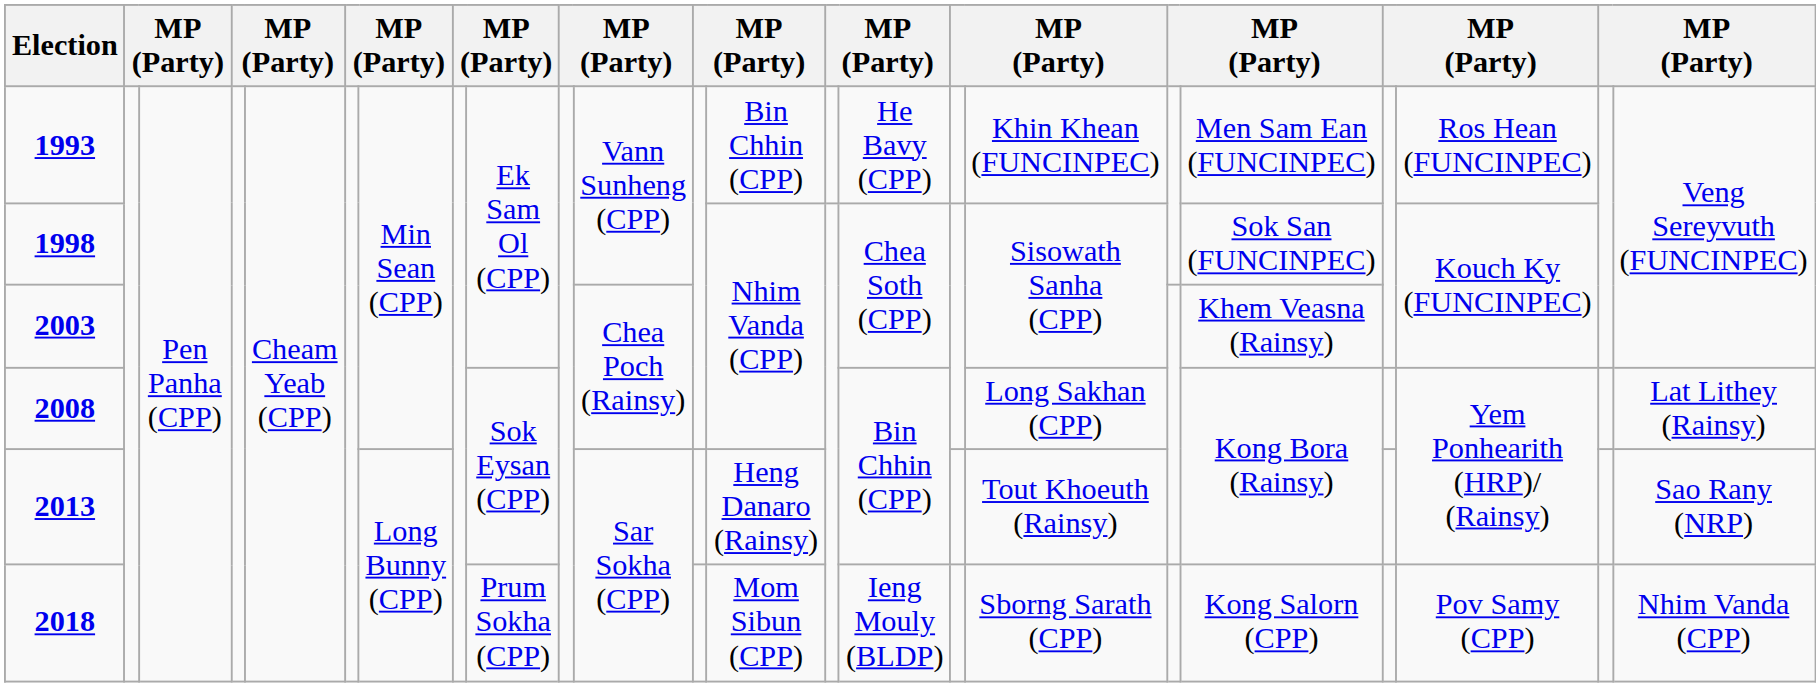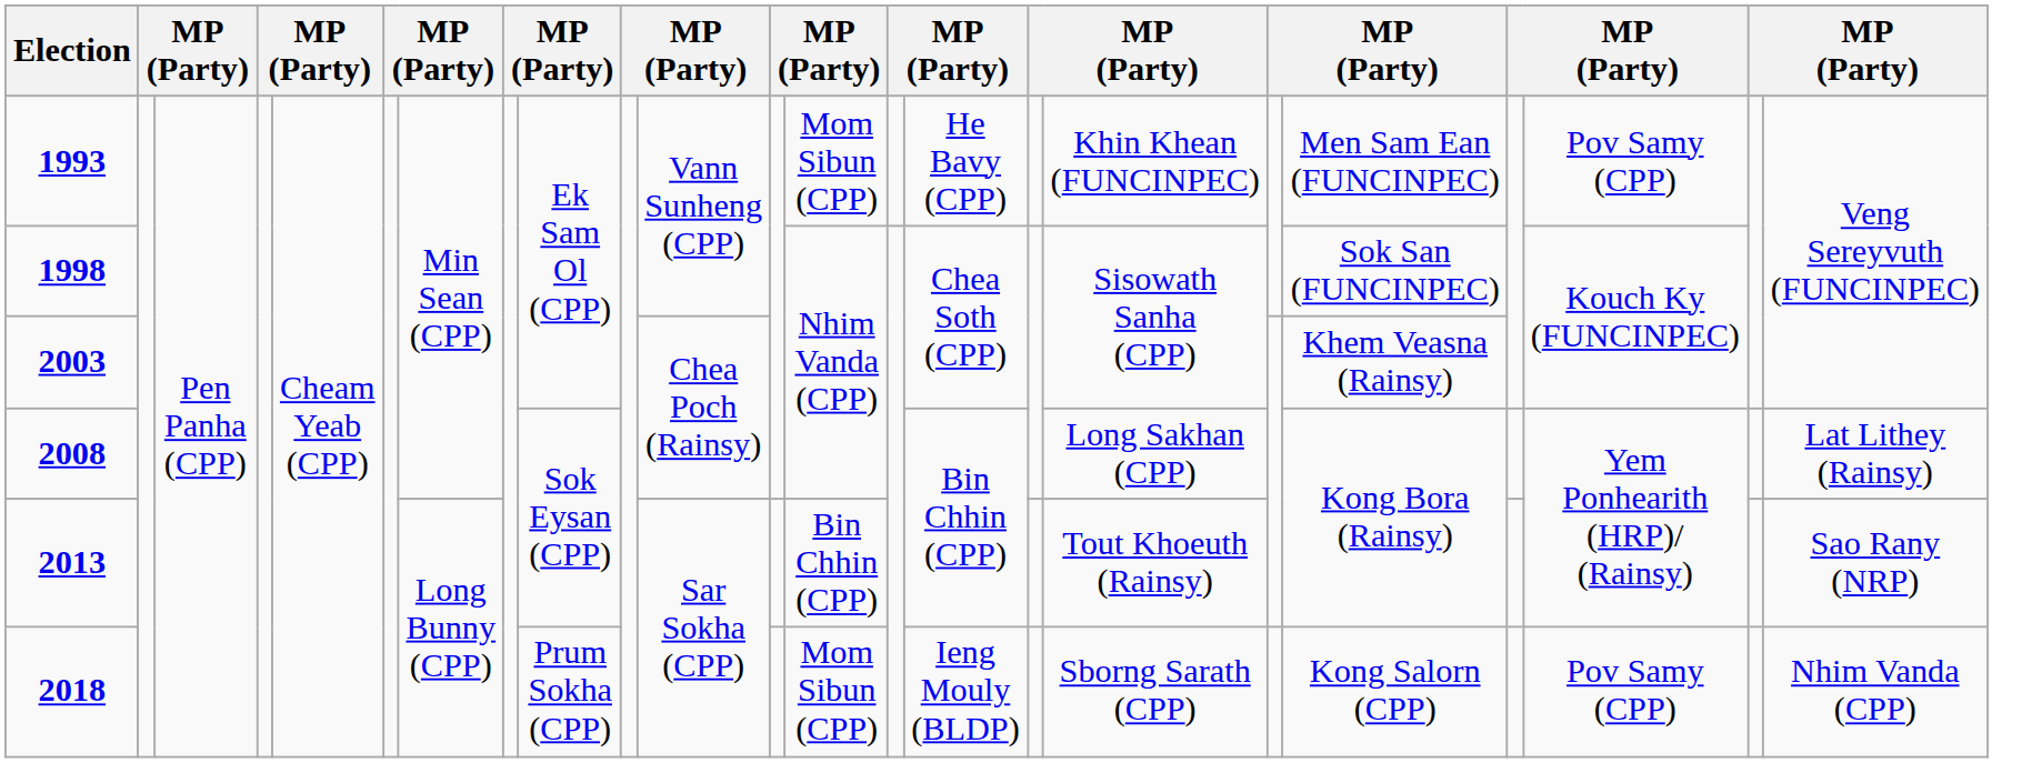 <table class="wikitable" style="text-align:center">
 <tr>
 <th>Election</th>
 <th colspan=2>MP<br>(Party)</th>
 <th colspan=2>MP<br>(Party)</th>
 <th colspan=2>MP<br>(Party)</th>
 <th colspan=2>MP<br>(Party)</th>
 <th colspan=2>MP<br>(Party)</th>
 <th colspan=2>MP<br>(Party)</th>
 <th colspan=2>MP<br>(Party)</th>
 <th colspan=2>MP<br>(Party)</th>
 <th colspan=2>MP<br>(Party)</th>
 <th colspan=2>MP<br>(Party)</th>
 <th colspan=2>MP<br>(Party)</th>
 </tr>
 <tr>
 <td><strong><a href='#'>1993</a></strong></td>
 <td rowspan=6; style="background-color: "></td>
 <td rowspan=6><a href='#'>Pen Panha</a><br>(<a href='#'>CPP</a>)</td>
 <td rowspan=6; style="background-color: "></td>
 <td rowspan=6><a href='#'>Cheam Yeab</a><br>(<a href='#'>CPP</a>)</td>
 <td rowspan=6; style="background-color: "></td>
 <td rowspan=4><a href='#'>Min Sean</a><br>(<a href='#'>CPP</a>)</td>
 <td rowspan=6; style="background-color: "></td>
 <td rowspan=3><a href='#'>Ek Sam Ol</a><br>(<a href='#'>CPP</a>)</td>
 <td rowspan=6; style="background-color: "></td>
 <td rowspan=2><a href='#'>Vann Sunheng</a><br>(<a href='#'>CPP</a>)</td>
 <td rowspan=4; style="background-color: "></td>
-<td rowspan=1><a href='#'>Bin Chhin</a><br>(<a href='#'>CPP</a>)</td>
+<td rowspan=1><a href='#'>Mom Sibun</a><br>(<a href='#'>CPP</a>)</td>
 <td rowspan=1; style="background-color: "></td>
 <td rowspan=1><a href='#'>He Bavy</a><br>(<a href='#'>CPP</a>)</td>
 <td rowspan=1; style="background-color: "></td>
 <td rowspan=1><a href='#'>Khin Khean</a><br>(<a href='#'>FUNCINPEC</a>)</td>
 <td rowspan=2; style="background-color: "></td>
 <td rowspan=1><a href='#'>Men Sam Ean</a><br>(<a href='#'>FUNCINPEC</a>)</td>
 <td rowspan=3; style="background-color: "></td>
-<td rowspan=1><a href='#'>Ros Hean</a><br>(<a href='#'>FUNCINPEC</a>)</td>
+<td rowspan=1><a href='#'>Pov Samy</a><br>(<a href='#'>CPP</a>)</td>
 <td rowspan=3; style="background-color: "></td>
 <td rowspan=3><a href='#'>Veng Sereyvuth</a><br>(<a href='#'>FUNCINPEC</a>)</td>
 </tr>
 <tr>
 <td><strong><a href='#'>1998</a></strong></td>
 <td rowspan=3><a href='#'>Nhim Vanda</a><br>(<a href='#'>CPP</a>)</td>
 <td rowspan=5; style="background-color: "></td>
 <td rowspan=2><a href='#'>Chea Soth</a><br>(<a href='#'>CPP</a>)</td>
 <td rowspan=3; style="background-color: "></td>
 <td rowspan=2><a href='#'>Sisowath Sanha</a><br>(<a href='#'>CPP</a>)</td>
 <td rowspan=1><a href='#'>Sok San</a><br>(<a href='#'>FUNCINPEC</a>)</td>
 <td rowspan=2><a href='#'>Kouch Ky</a><br>(<a href='#'>FUNCINPEC</a>)</td>
 </tr>
 <tr>
 <td><strong><a href='#'>2003</a></strong></td>
 <td rowspan=2><a href='#'>Chea Poch</a><br>(<a href='#'>Rainsy</a>)</td>
 <td rowspan=3; style="background-color: "></td>
 <td rowspan=1><a href='#'>Khem Veasna</a><br>(<a href='#'>Rainsy</a>)</td>
 </tr>
 <tr>
 <td><strong><a href='#'>2008</a></strong></td>
 <td rowspan=2><a href='#'>Sok Eysan</a><br>(<a href='#'>CPP</a>)</td>
 <td rowspan=2><a href='#'>Bin Chhin</a><br>(<a href='#'>CPP</a>)</td>
 <td rowspan=1><a href='#'>Long Sakhan</a><br>(<a href='#'>CPP</a>)</td>
 <td rowspan=2><a href='#'>Kong Bora</a><br>(<a href='#'>Rainsy</a>)</td>
 <td rowspan=1; style="background-color: "></td>
 <td rowspan=2><a href='#'>Yem Ponhearith</a><br>(<a href='#'>HRP</a>)/<br>(<a href='#'>Rainsy</a>)</td>
 <td rowspan=1; style="background-color: "></td>
 <td rowspan=1><a href='#'>Lat Lithey</a><br>(<a href='#'>Rainsy</a>)</td>
 </tr>
 <tr>
 <td><strong><a href='#'>2013</a></strong></td>
 <td rowspan=2><a href='#'>Long Bunny</a><br>(<a href='#'>CPP</a>)</td>
 <td rowspan=2><a href='#'>Sar Sokha</a><br>(<a href='#'>CPP</a>)</td>
 <td rowspan=1; style="background-color: "></td>
-<td rowspan=1><a href='#'>Heng Danaro</a><br>(<a href='#'>Rainsy</a>)</td>
+<td rowspan=1><a href='#'>Bin Chhin</a><br>(<a href='#'>CPP</a>)</td>
 <td rowspan=1; style="background-color: "></td>
 <td rowspan=1><a href='#'>Tout Khoeuth</a><br>(<a href='#'>Rainsy</a>)</td>
 <td rowspan=1; style="background-color: "></td>
 <td rowspan=1; style="background-color: "></td>
 <td rowspan=1><a href='#'>Sao Rany</a><br>(<a href='#'>NRP</a>)</td>
 </tr>
 <tr>
 <td><strong><a href='#'>2018</a></strong></td>
 <td rowspan=1><a href='#'>Prum Sokha</a><br>(<a href='#'>CPP</a>)</td>
 <td rowspan=1; style="background-color: "></td>
 <td rowspan=1><a href='#'>Mom Sibun</a><br>(<a href='#'>CPP</a>)</td>
 <td rowspan=1><a href='#'>Ieng Mouly</a><br>(<a href='#'>BLDP</a>)</td>
 <td rowspan=1; style="background-color: "></td>
 <td rowspan=1><a href='#'>Sborng Sarath</a><br>(<a href='#'>CPP</a>)</td>
 <td rowspan=1; style="background-color: "></td>
 <td rowspan=1><a href='#'>Kong Salorn</a><br>(<a href='#'>CPP</a>)</td>
 <td rowspan=1; style="background-color: "></td>
 <td rowspan=1><a href='#'>Pov Samy</a><br>(<a href='#'>CPP</a>)</td>
 <td rowspan=1; style="background-color: "></td>
 <td rowspan=1><a href='#'>Nhim Vanda</a><br>(<a href='#'>CPP</a>)</td>
 </tr>
 </table>
